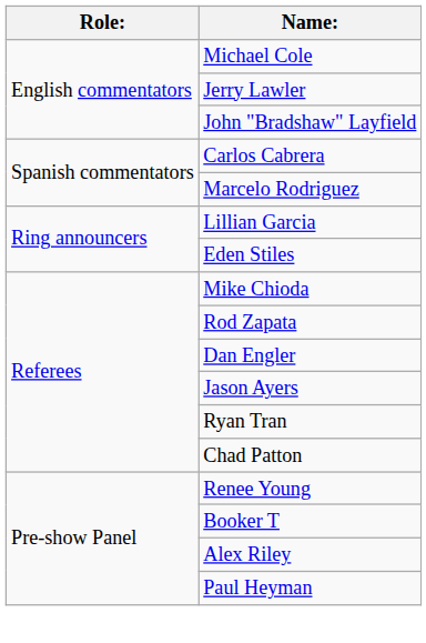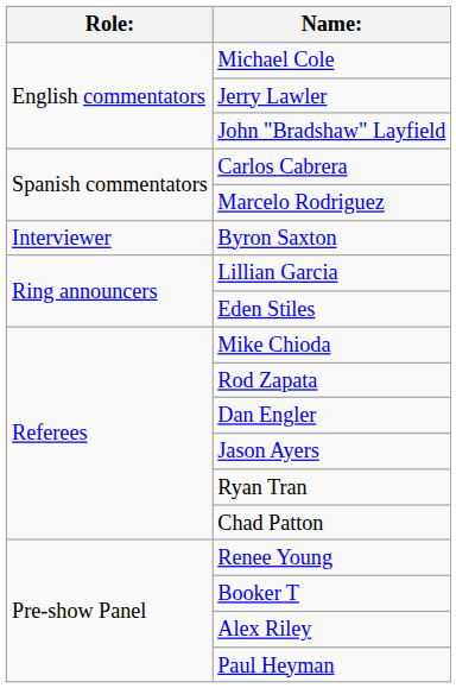 <table class=wikitable style="font-size:90%; margin: 0.5em 0 0.5em 1em; float: right; clear: right;">
 <tr>
 <th>Role:</th>
 <th>Name:</th>
 </tr>
 <tr>
 <td rowspan=3>English <a href='#'>commentators</a></td>
 <td><a href='#'>Michael Cole</a></td>
 </tr>
 <tr>
 <td><a href='#'>Jerry Lawler</a></td>
 </tr>
 <tr>
 <td><a href='#'>John "Bradshaw" Layfield</a></td>
 </tr>
 <tr>
 <td rowspan=2>Spanish commentators</td>
 <td><a href='#'>Carlos Cabrera</a></td>
 </tr>
 <tr>
 <td><a href='#'>Marcelo Rodriguez</a></td>
+</tr>
+<tr>
+<td><a href='#'>Interviewer</a></td>
+<td><a href='#'>Byron Saxton</a></td>
 </tr>
 <tr>
 <td rowspan=2><a href='#'>Ring announcers</a></td>
 <td><a href='#'>Lillian Garcia</a></td>
 </tr>
 <tr>
 <td><a href='#'>Eden Stiles</a></td>
 </tr>
 <tr>
 <td rowspan=6><a href='#'>Referees</a></td>
 <td><a href='#'>Mike Chioda</a></td>
 </tr>
 <tr>
 <td><a href='#'>Rod Zapata</a></td>
 </tr>
 <tr>
 <td><a href='#'>Dan Engler</a></td>
 </tr>
 <tr>
 <td><a href='#'>Jason Ayers</a></td>
 </tr>
 <tr>
 <td>Ryan Tran</td>
 </tr>
 <tr>
 <td>Chad Patton</td>
 </tr>
 <tr>
 <td rowspan=4>Pre-show Panel</td>
 <td><a href='#'>Renee Young</a></td>
 </tr>
 <tr>
 <td><a href='#'>Booker T</a></td>
 </tr>
 <tr>
 <td><a href='#'>Alex Riley</a></td>
 </tr>
 <tr>
 <td><a href='#'>Paul Heyman</a></td>
 </tr>
 </table>
